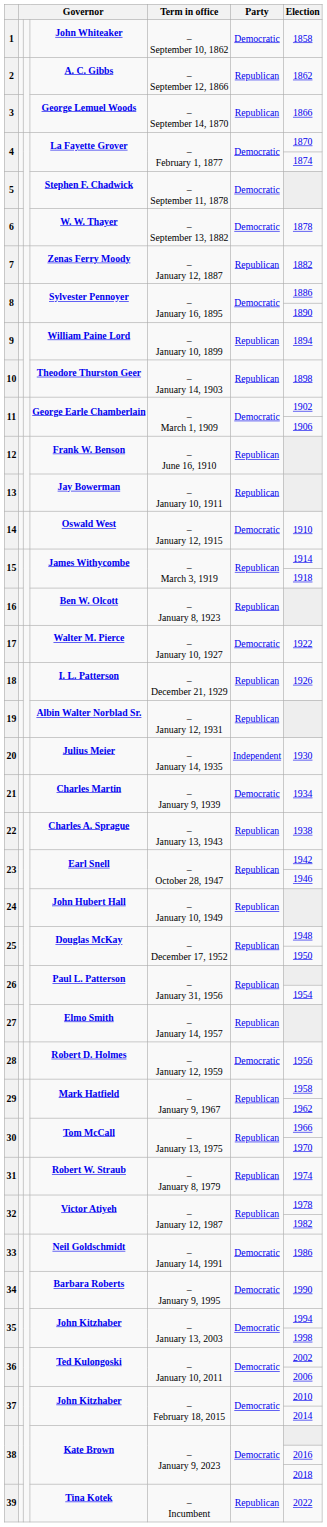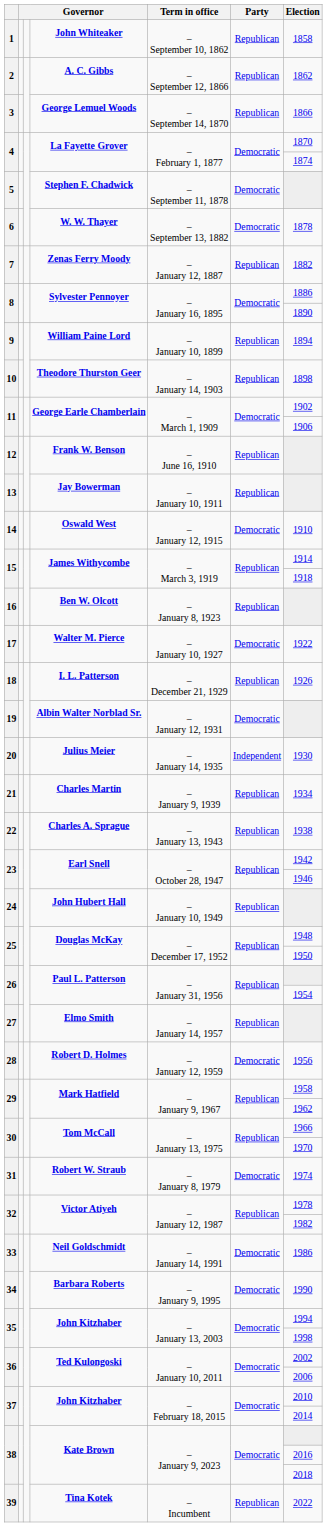 <table class="wikitable sortable mw-collapsible sticky-header-multi" style="text-align:center;">
 <tr>
 <th scope="col" data-sort-type="number"></th>
 <th scope="colgroup" colspan="3">Governor</th>
 <th scope="col">Term in office</th>
 <th scope="col">Party</th>
 <th scope="col">Election</th>
 </tr>
 <tr style="height:2em;">
 <th scope="row">1</th>
 <td data-sort-value="Whiteaker, John"></td>
 <td style="background: "> </td>
 <td><strong><a href='#'>John Whiteaker</a></strong><br><br></td>
 <td><br>–<br>September 10, 1862<br></td>
-<td><a href='#'>Democratic</a></td>
+<td><a href='#'>Republican</a></td>
 <td><a href='#'>1858</a></td>
 </tr>
 <tr style="height:2em;">
 <th scope="row">2</th>
 <td data-sort-value="Gibbs, A. C."></td>
 <td rowspan="2" style="background: "> </td>
 <td><strong><a href='#'>A. C. Gibbs</a></strong><br><br></td>
 <td><br>–<br>September 12, 1866<br></td>
 <td><a href='#'>Republican</a></td>
 <td><a href='#'>1862</a></td>
 </tr>
 <tr style="height:2em;">
 <th scope="row">3</th>
 <td data-sort-value="Woods, George"></td>
 <td><strong><a href='#'>George Lemuel Woods</a></strong><br><br></td>
 <td><br>–<br>September 14, 1870<br></td>
 <td><a href='#'>Republican</a></td>
 <td><a href='#'>1866</a></td>
 </tr>
 <tr style="height:2em;">
 <th rowspan="2" scope="rowgroup">4</th>
 <td rowspan="2" data-sort-value="Grover, La Fayette"></td>
 <td rowspan="4" style="color:inherit;background: "></td>
 <td rowspan="2"><strong><a href='#'>La Fayette Grover</a></strong><br><br></td>
 <td rowspan="2"><br>–<br>February 1, 1877<br></td>
 <td rowspan="2"><a href='#'>Democratic</a></td>
 <td><a href='#'>1870</a></td>
 </tr>
 <tr style="height:2em;">
 <td><a href='#'>1874</a></td>
 </tr>
 <tr style="height:2em;">
 <th scope="row">5</th>
 <td data-sort-value="Chadwick, Stephen"></td>
 <td><strong><a href='#'>Stephen F. Chadwick</a></strong><br><br></td>
 <td><br>–<br>September 11, 1878<br></td>
 <td><a href='#'>Democratic</a></td>
 <td style="background:#EEEEEE"></td>
 </tr>
 <tr style="height:2em;">
 <th scope="row">6</th>
 <td data-sort-value="Thayer, W. W."></td>
 <td><strong><a href='#'>W. W. Thayer</a></strong><br><br></td>
 <td><br>–<br>September 13, 1882<br></td>
 <td><a href='#'>Democratic</a></td>
 <td><a href='#'>1878</a></td>
 </tr>
 <tr style="height:2em;">
 <th scope="row">7</th>
 <td data-sort-value="Moody, Zenas"></td>
 <td style="color:inherit;background: "></td>
 <td><strong><a href='#'>Zenas Ferry Moody</a></strong><br><br></td>
 <td><br>–<br>January 12, 1887<br></td>
 <td><a href='#'>Republican</a></td>
 <td><a href='#'>1882</a></td>
 </tr>
 <tr style="height:2em;">
 <th rowspan="2" scope="rowgroup">8</th>
 <td rowspan="2" data-sort-value="Pennoyer, Sylvester"></td>
 <td rowspan="2" style="color:inherit;background: "></td>
 <td rowspan="2"><strong><a href='#'>Sylvester Pennoyer</a></strong><br><br></td>
 <td rowspan="2"><br>–<br>January 16, 1895<br></td>
 <td rowspan="2"><a href='#'>Democratic</a></td>
 <td><a href='#'>1886</a></td>
 </tr>
 <tr style="height:2em;">
 <td><a href='#'>1890</a></td>
 </tr>
 <tr style="height:2em;">
 <th scope="row">9</th>
 <td data-sort-value="Lord, William"></td>
 <td rowspan="2" style="color:inherit;background: "></td>
 <td><strong><a href='#'>William Paine Lord</a></strong><br><br></td>
 <td><br>–<br>January 10, 1899<br></td>
 <td><a href='#'>Republican</a></td>
 <td><a href='#'>1894</a></td>
 </tr>
 <tr style="height:2em;">
 <th scope="row">10</th>
 <td data-sort-value="Geer, Theodore"></td>
 <td><strong><a href='#'>Theodore Thurston Geer</a></strong><br><br></td>
 <td><br>–<br>January 14, 1903<br></td>
 <td><a href='#'>Republican</a></td>
 <td><a href='#'>1898</a></td>
 </tr>
 <tr style="height:2em;">
 <th rowspan="2" scope="rowgroup">11</th>
 <td rowspan="2" data-sort-value="Chamberlain, George"></td>
 <td rowspan="2" style="color:inherit;background: "></td>
 <td rowspan="2"><strong><a href='#'>George Earle Chamberlain</a></strong><br><br></td>
 <td rowspan="2"><br>–<br>March 1, 1909<br></td>
 <td rowspan="2"><a href='#'>Democratic</a></td>
 <td><a href='#'>1902</a></td>
 </tr>
 <tr style="height:2em;">
 <td><a href='#'>1906</a></td>
 </tr>
 <tr style="height:2em;">
 <th scope="row">12</th>
 <td data-sort-value="Benson, Frank"></td>
 <td rowspan="2" style="color:inherit;background: "></td>
 <td><strong><a href='#'>Frank W. Benson</a></strong><br><br></td>
 <td><br>–<br>June 16, 1910<br></td>
 <td><a href='#'>Republican</a></td>
 <td style="background:#EEEEEE"></td>
 </tr>
 <tr style="height:2em;">
 <th scope="row">13</th>
 <td data-sort-value="Bowerman, Jay"></td>
 <td><strong><a href='#'>Jay Bowerman</a></strong><br><br></td>
 <td><br>–<br>January 10, 1911<br></td>
 <td><a href='#'>Republican</a></td>
 <td style="background:#EEEEEE"></td>
 </tr>
 <tr style="height:2em;">
 <th scope="row">14</th>
 <td data-sort-value="West, Oswald"></td>
 <td style="color:inherit;background: "></td>
 <td><strong><a href='#'>Oswald West</a></strong><br><br></td>
 <td><br>–<br>January 12, 1915<br></td>
 <td><a href='#'>Democratic</a></td>
 <td><a href='#'>1910</a></td>
 </tr>
 <tr style="height:2em;">
 <th rowspan="2" scope="rowgroup">15</th>
 <td rowspan="2" data-sort-value="Withycombe, James"></td>
 <td rowspan="3" style="color:inherit;background: "></td>
 <td rowspan="2"><strong><a href='#'>James Withycombe</a></strong><br><br></td>
 <td rowspan="2"><br>–<br>March 3, 1919<br></td>
 <td rowspan="2"><a href='#'>Republican</a></td>
 <td><a href='#'>1914</a></td>
 </tr>
 <tr style="height:2em;">
 <td><a href='#'>1918</a></td>
 </tr>
 <tr style="height:2em;">
 <th scope="row">16</th>
 <td data-sort-value="Olcott, Ben"></td>
 <td><strong><a href='#'>Ben W. Olcott</a></strong><br><br></td>
 <td><br>–<br>January 8, 1923<br></td>
 <td><a href='#'>Republican</a></td>
 <td style="background:#EEEEEE"></td>
 </tr>
 <tr style="height:2em;">
 <th scope="row">17</th>
 <td data-sort-value="Pierce, Walter"></td>
 <td style="color:inherit;background: "></td>
 <td><strong><a href='#'>Walter M. Pierce</a></strong><br><br></td>
 <td><br>–<br>January 10, 1927<br></td>
 <td><a href='#'>Democratic</a></td>
 <td><a href='#'>1922</a></td>
 </tr>
 <tr style="height:2em;">
 <th scope="row">18</th>
 <td data-sort-value="Patterson, I. L."></td>
 <td rowspan="2" style="color:inherit;background: "></td>
 <td><strong><a href='#'>I. L. Patterson</a></strong><br><br></td>
 <td><br>–<br>December 21, 1929<br></td>
 <td><a href='#'>Republican</a></td>
 <td><a href='#'>1926</a></td>
 </tr>
 <tr style="height:2em;">
 <th scope="row">19</th>
 <td data-sort-value="Norblad, Albin"></td>
 <td><strong><a href='#'>Albin Walter Norblad Sr.</a></strong><br><br></td>
 <td><br>–<br>January 12, 1931<br></td>
-<td><a href='#'>Republican</a></td>
+<td><a href='#'>Democratic</a></td>
 <td style="background:#EEEEEE"></td>
 </tr>
 <tr style="height:2em;">
 <th scope="row">20</th>
 <td data-sort-value="Meier, Julius"></td>
 <td style="color:inherit;background: "></td>
 <td><strong><a href='#'>Julius Meier</a></strong><br><br></td>
 <td><br>–<br>January 14, 1935<br></td>
 <td><a href='#'>Independent</a></td>
 <td><a href='#'>1930</a></td>
 </tr>
 <tr style="height:2em;">
 <th scope="row">21</th>
 <td data-sort-value="Martin, Charles"></td>
 <td style="color:inherit;background: "></td>
 <td><strong><a href='#'>Charles Martin</a></strong><br><br></td>
 <td><br>–<br>January 9, 1939<br></td>
-<td><a href='#'>Democratic</a></td>
+<td><a href='#'>Republican</a></td>
 <td><a href='#'>1934</a></td>
 </tr>
 <tr style="height:2em;">
 <th scope="row">22</th>
 <td data-sort-value="Sprague, Charles"></td>
 <td rowspan="9" style="color:inherit;background: "></td>
 <td><strong><a href='#'>Charles A. Sprague</a></strong><br><br></td>
 <td><br>–<br>January 13, 1943<br></td>
 <td><a href='#'>Republican</a></td>
 <td><a href='#'>1938</a></td>
 </tr>
 <tr style="height:2em;">
 <th rowspan="2" scope="rowgroup">23</th>
 <td rowspan="2" data-sort-value="Snell, Earl"></td>
 <td rowspan="2"><strong><a href='#'>Earl Snell</a></strong><br><br></td>
 <td rowspan="2"><br>–<br>October 28, 1947<br></td>
 <td rowspan="2"><a href='#'>Republican</a></td>
 <td><a href='#'>1942</a></td>
 </tr>
 <tr style="height:2em;">
 <td><a href='#'>1946</a></td>
 </tr>
 <tr style="height:2em;">
 <th scope="row">24</th>
 <td data-sort-value="Hall, John"></td>
 <td><strong><a href='#'>John Hubert Hall</a></strong><br><br></td>
 <td><br>–<br>January 10, 1949<br></td>
 <td><a href='#'>Republican</a></td>
 <td style="background:#EEEEEE"></td>
 </tr>
 <tr style="height:2em;">
 <th rowspan="2" scope="rowgroup">25</th>
 <td rowspan="2" data-sort-value="McKay, Douglas"></td>
 <td rowspan="2"><strong><a href='#'>Douglas McKay</a></strong><br><br></td>
 <td rowspan="2"><br>–<br>December 17, 1952<br></td>
 <td rowspan="2"><a href='#'>Republican</a></td>
 <td><a href='#'>1948</a><br></td>
 </tr>
 <tr style="height:2em;">
 <td><a href='#'>1950</a></td>
 </tr>
 <tr style="height:2em;">
 <th rowspan="2" scope="rowgroup">26</th>
 <td rowspan="2" data-sort-value="Patterson, Paul"></td>
 <td rowspan="2"><strong><a href='#'>Paul L. Patterson</a></strong><br><br></td>
 <td rowspan="2"><br>–<br>January 31, 1956<br></td>
 <td rowspan="2"><a href='#'>Republican</a></td>
 <td style="background:#EEEEEE"></td>
 </tr>
 <tr style="height:2em;">
 <td><a href='#'>1954</a></td>
 </tr>
 <tr style="height:2em;">
 <th scope="row">27</th>
 <td data-sort-value="Smith, Elmo"></td>
 <td><strong><a href='#'>Elmo Smith</a></strong><br><br></td>
 <td><br>–<br>January 14, 1957<br></td>
 <td><a href='#'>Republican</a></td>
 <td style="background:#EEEEEE"></td>
 </tr>
 <tr style="height:2em;">
 <th scope="row">28</th>
 <td data-sort-value="Holmes, Robert"></td>
 <td style="color:inherit;background: "></td>
 <td><strong><a href='#'>Robert D. Holmes</a></strong><br><br></td>
 <td><br>–<br>January 12, 1959<br></td>
 <td><a href='#'>Democratic</a></td>
 <td><a href='#'>1956</a><br></td>
 </tr>
 <tr style="height:2em;">
 <th rowspan="2" scope="rowgroup">29</th>
 <td rowspan="2" data-sort-value="Hatfield, Mark"></td>
 <td rowspan="4" style="color:inherit;background: "></td>
 <td rowspan="2"><strong><a href='#'>Mark Hatfield</a></strong><br><br></td>
 <td rowspan="2"><br>–<br>January 9, 1967<br></td>
 <td rowspan="2"><a href='#'>Republican</a></td>
 <td><a href='#'>1958</a></td>
 </tr>
 <tr style="height:2em;">
 <td><a href='#'>1962</a></td>
 </tr>
 <tr style="height:2em;">
 <th rowspan="2" scope="rowgroup">30</th>
 <td rowspan="2" data-sort-value="McCall, Tom"></td>
 <td rowspan="2"><strong><a href='#'>Tom McCall</a></strong><br><br></td>
 <td rowspan="2"><br>–<br>January 13, 1975<br></td>
 <td rowspan="2"><a href='#'>Republican</a></td>
 <td><a href='#'>1966</a></td>
 </tr>
 <tr style="height:2em;">
 <td><a href='#'>1970</a></td>
 </tr>
 <tr style="height:2em;">
 <th scope="row">31</th>
 <td data-sort-value="Straub, Robert"></td>
 <td style="color:inherit;background: "></td>
 <td><strong><a href='#'>Robert W. Straub</a></strong><br><br></td>
 <td><br>–<br>January 8, 1979<br></td>
-<td><a href='#'>Republican</a></td>
+<td><a href='#'>Democratic</a></td>
 <td><a href='#'>1974</a></td>
 </tr>
 <tr style="height:2em;">
 <th rowspan="2" scope="rowgroup">32</th>
 <td rowspan="2" data-sort-value="Atiyeh, Victor"></td>
 <td rowspan="2" style="color:inherit;background: "></td>
 <td rowspan="2"><strong><a href='#'>Victor Atiyeh</a></strong><br><br></td>
 <td rowspan="2"><br>–<br>January 12, 1987<br></td>
 <td rowspan="2"><a href='#'>Republican</a></td>
 <td><a href='#'>1978</a></td>
 </tr>
 <tr style="height:2em;">
 <td><a href='#'>1982</a></td>
 </tr>
 <tr style="height:2em;">
 <th scope="row">33</th>
 <td data-sort-value="Goldschmidt, Neil"></td>
 <td rowspan="12" style="color:inherit;background: "></td>
 <td><strong><a href='#'>Neil Goldschmidt</a></strong><br><br></td>
 <td><br>–<br>January 14, 1991<br></td>
 <td><a href='#'>Democratic</a></td>
 <td><a href='#'>1986</a></td>
 </tr>
 <tr style="height:2em;">
 <th scope="row">34</th>
 <td data-sort-value="Roberts, Barbara"></td>
 <td><strong><a href='#'>Barbara Roberts</a></strong><br><br></td>
 <td><br>–<br>January 9, 1995<br></td>
 <td><a href='#'>Democratic</a></td>
 <td><a href='#'>1990</a></td>
 </tr>
 <tr style="height:2em;">
 <th rowspan="2" scope="rowgroup">35</th>
 <td rowspan="2" data-sort-value="Kitzhaber, John"></td>
 <td rowspan="2"><strong><a href='#'>John Kitzhaber</a></strong><br><br></td>
 <td rowspan="2"><br>–<br>January 13, 2003<br></td>
 <td rowspan="2"><a href='#'>Democratic</a></td>
 <td><a href='#'>1994</a></td>
 </tr>
 <tr style="height:2em;">
 <td><a href='#'>1998</a></td>
 </tr>
 <tr style="height:2em;">
 <th rowspan="2" scope="rowgroup">36</th>
 <td rowspan="2" data-sort-value="Kulongoski, Ted"></td>
 <td rowspan="2"><strong><a href='#'>Ted Kulongoski</a></strong><br><br></td>
 <td rowspan="2"><br>–<br>January 10, 2011<br></td>
 <td rowspan="2"><a href='#'>Democratic</a></td>
 <td><a href='#'>2002</a></td>
 </tr>
 <tr style="height:2em;">
 <td><a href='#'>2006</a></td>
 </tr>
 <tr style="height:2em;">
 <th rowspan="2" scope="rowgroup">37</th>
 <td rowspan="2" data-sort-value="Kitzhaber, John"></td>
 <td rowspan="2"><strong><a href='#'>John Kitzhaber</a></strong><br><br></td>
 <td rowspan="2"><br>–<br>February 18, 2015<br></td>
 <td rowspan="2"><a href='#'>Democratic</a></td>
 <td><a href='#'>2010</a></td>
 </tr>
 <tr style="height:2em;">
 <td><a href='#'>2014</a></td>
 </tr>
 <tr style="height:2em;">
 <th rowspan="3" scope="rowgroup">38</th>
 <td rowspan="3" data-sort-value="Brown, Kate"></td>
 <td rowspan="3"><strong><a href='#'>Kate Brown</a></strong><br><br></td>
 <td rowspan="3"><br>–<br>January 9, 2023<br></td>
 <td rowspan="3"><a href='#'>Democratic</a></td>
 <td style="background:#EEEEEE"></td>
 </tr>
 <tr style="height:2em;">
 <td><a href='#'>2016</a><br></td>
 </tr>
 <tr style="height:2em;">
 <td><a href='#'>2018</a></td>
 </tr>
 <tr style="height:2em;">
 <th scope="row">39</th>
 <td data-sort-value="Kotek, Tina"></td>
 <td><strong><a href='#'>Tina Kotek</a></strong><br><br></td>
 <td><br>–<br>Incumbent</td>
 <td><a href='#'>Republican</a></td>
 <td><a href='#'>2022</a></td>
 </tr>
 </table>
